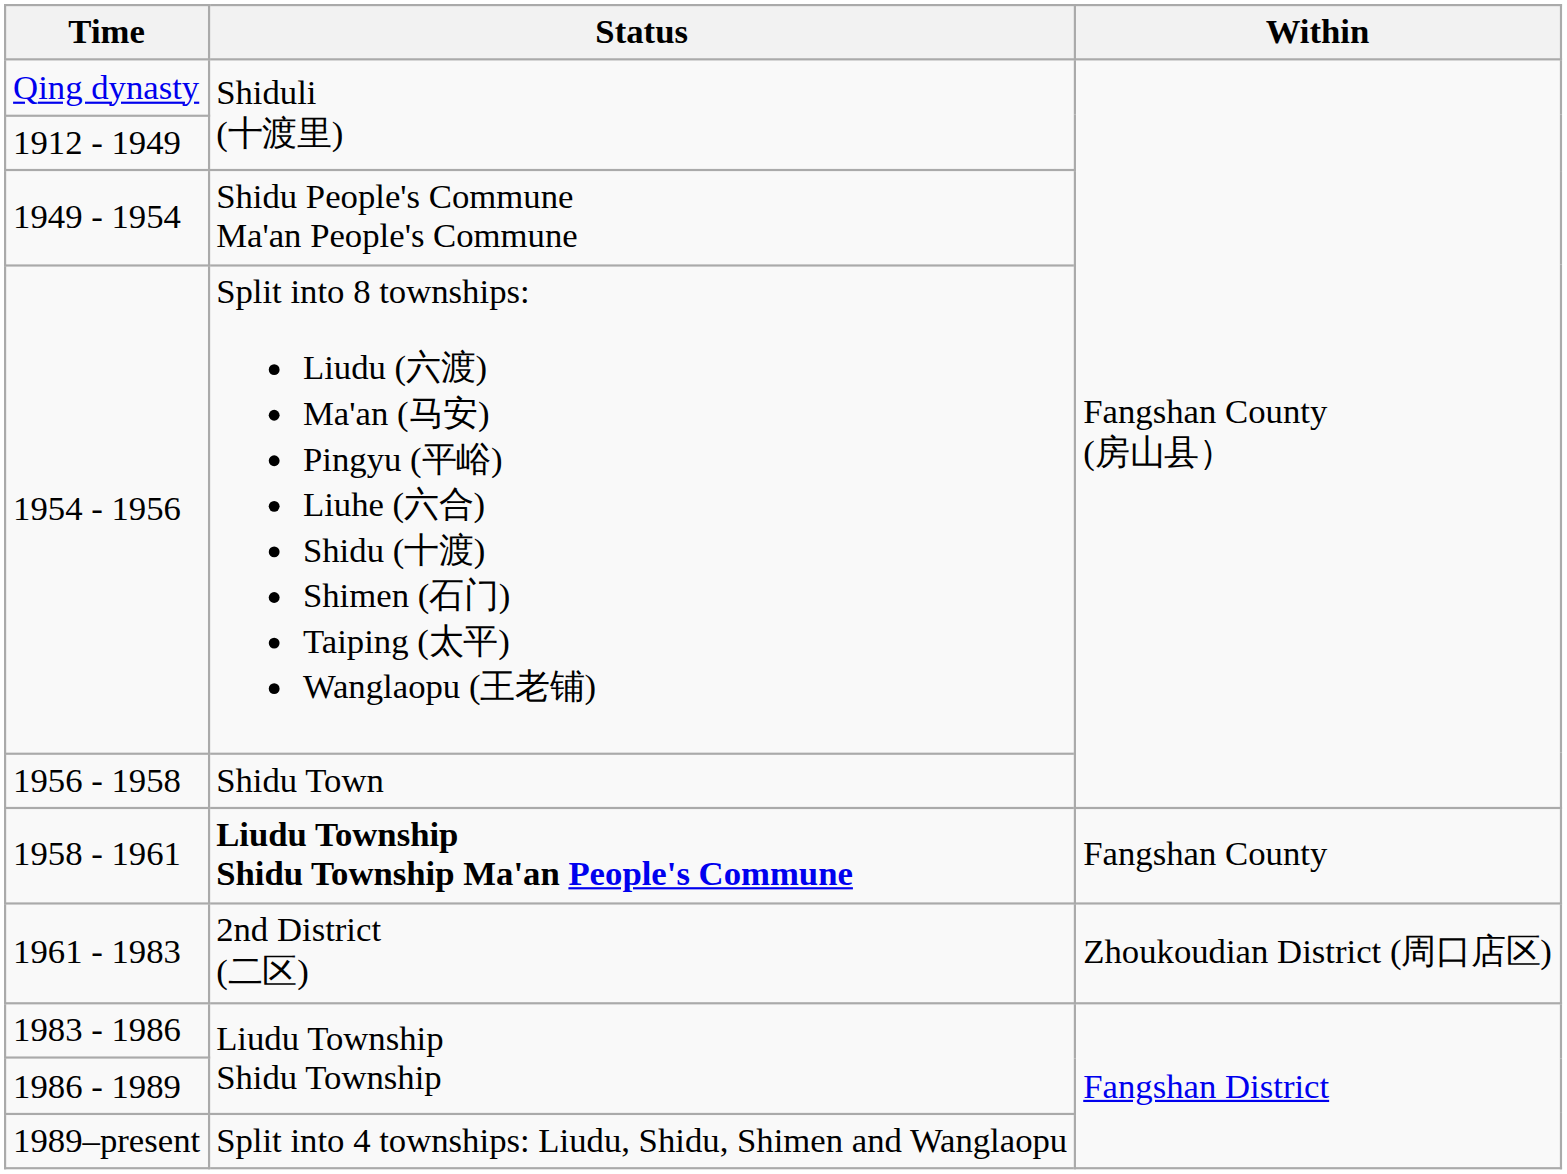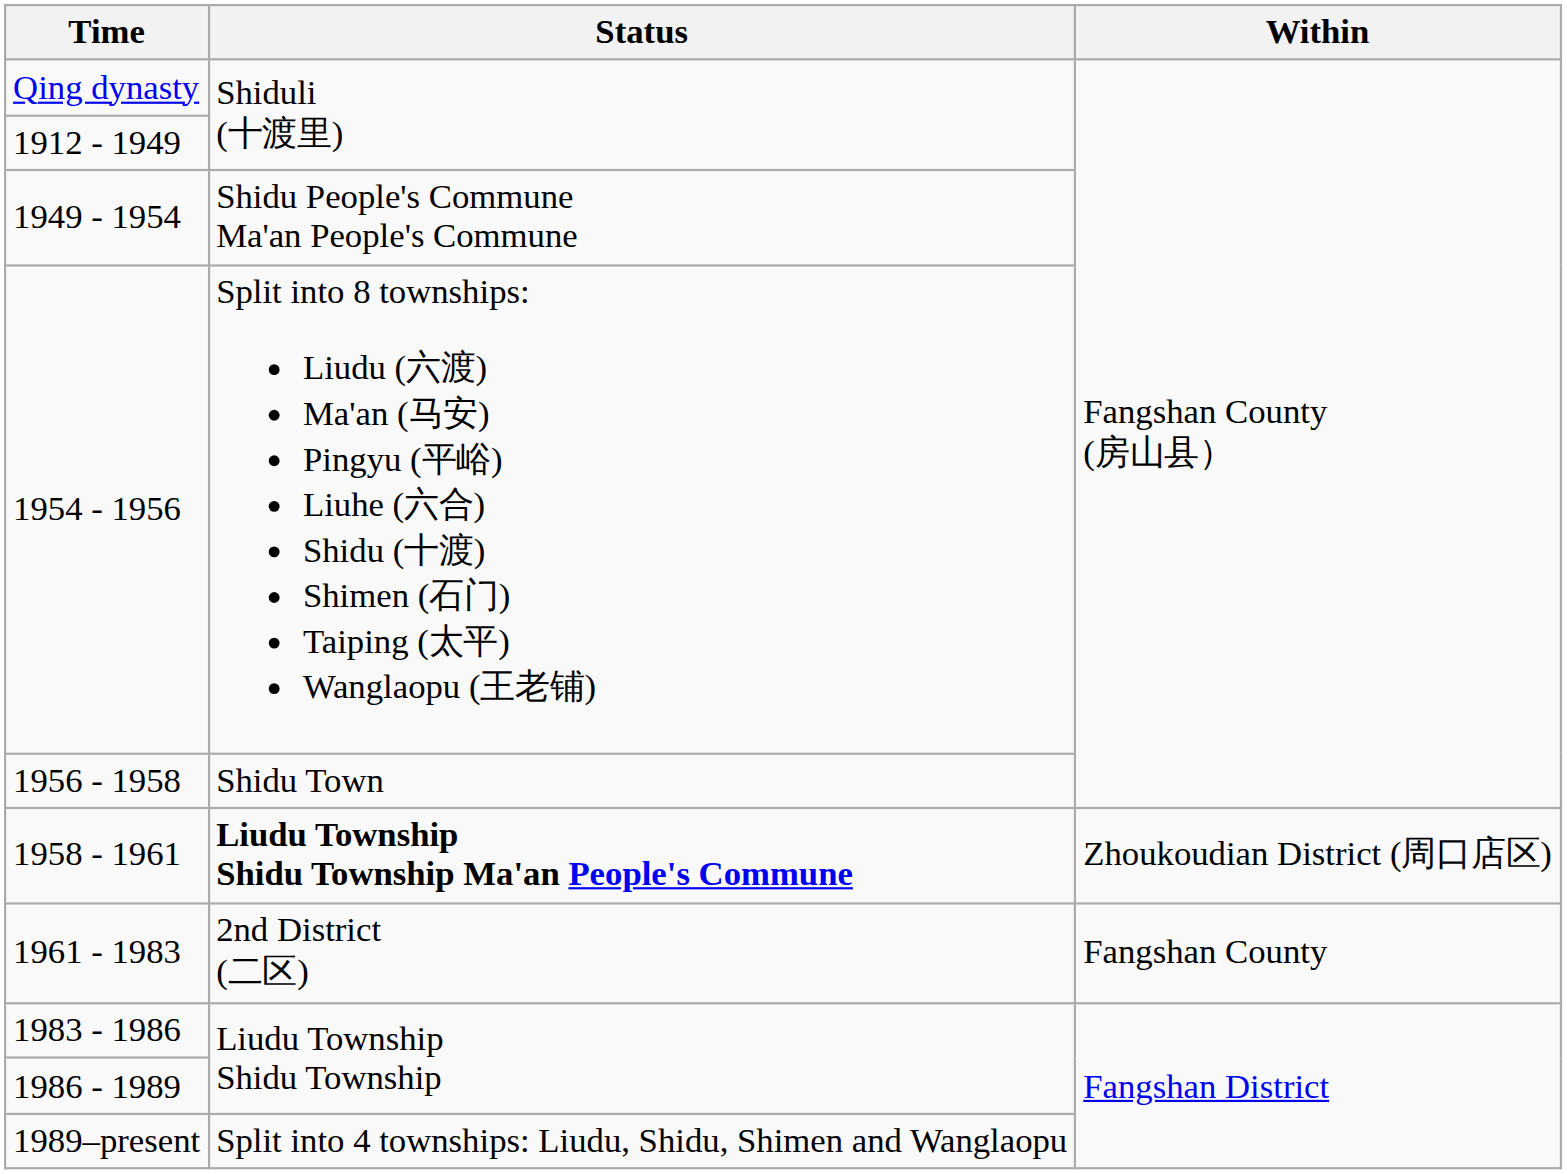 <table class="wikitable">
 <tr>
 <th>Time</th>
 <th>Status</th>
 <th>Within</th>
 </tr>
 <tr>
 <td><a href='#'>Qing dynasty</a></td>
 <td rowspan="2">Shiduli<br>(十渡里)</td>
 <td rowspan="5">Fangshan County<br>(房山县）</td>
 </tr>
 <tr>
 <td>1912 - 1949</td>
 </tr>
 <tr>
 <td>1949 - 1954</td>
 <td>Shidu People's Commune<br>Ma'an People's Commune</td>
 </tr>
 <tr>
 <td>1954 - 1956</td>
 <td>Split into 8 townships:<br><ul><li>Liudu (六渡)</li><li>Ma'an (马安)</li><li>Pingyu (平峪)</li><li>Liuhe (六合)</li><li>Shidu (十渡)</li><li>Shimen (石门)</li><li>Taiping (太平)</li><li>Wanglaopu (王老铺)</li></ul></td>
 </tr>
 <tr>
 <td>1956 - 1958</td>
 <td>Shidu Town</td>
 </tr>
 <tr>
 <td>1958 - 1961</td>
 <td><strong>Liudu Township<br>Shidu Township Ma'an <a href='#'>People's Commune</a></strong></td>
-<td>Fangshan County</td>
+<td>Zhoukoudian District (周口店区)</td>
 </tr>
 <tr>
 <td>1961 - 1983</td>
 <td>2nd District<br>(二区)</td>
-<td>Zhoukoudian District (周口店区)</td>
+<td>Fangshan County</td>
 </tr>
 <tr>
 <td>1983 - 1986</td>
 <td rowspan="2">Liudu Township<br>Shidu Township</td>
 <td rowspan="3"><a href='#'>Fangshan District</a></td>
 </tr>
 <tr>
 <td>1986 - 1989</td>
 </tr>
 <tr>
 <td>1989–present</td>
 <td>Split into 4 townships: Liudu, Shidu, Shimen and Wanglaopu</td>
 </tr>
 </table>
